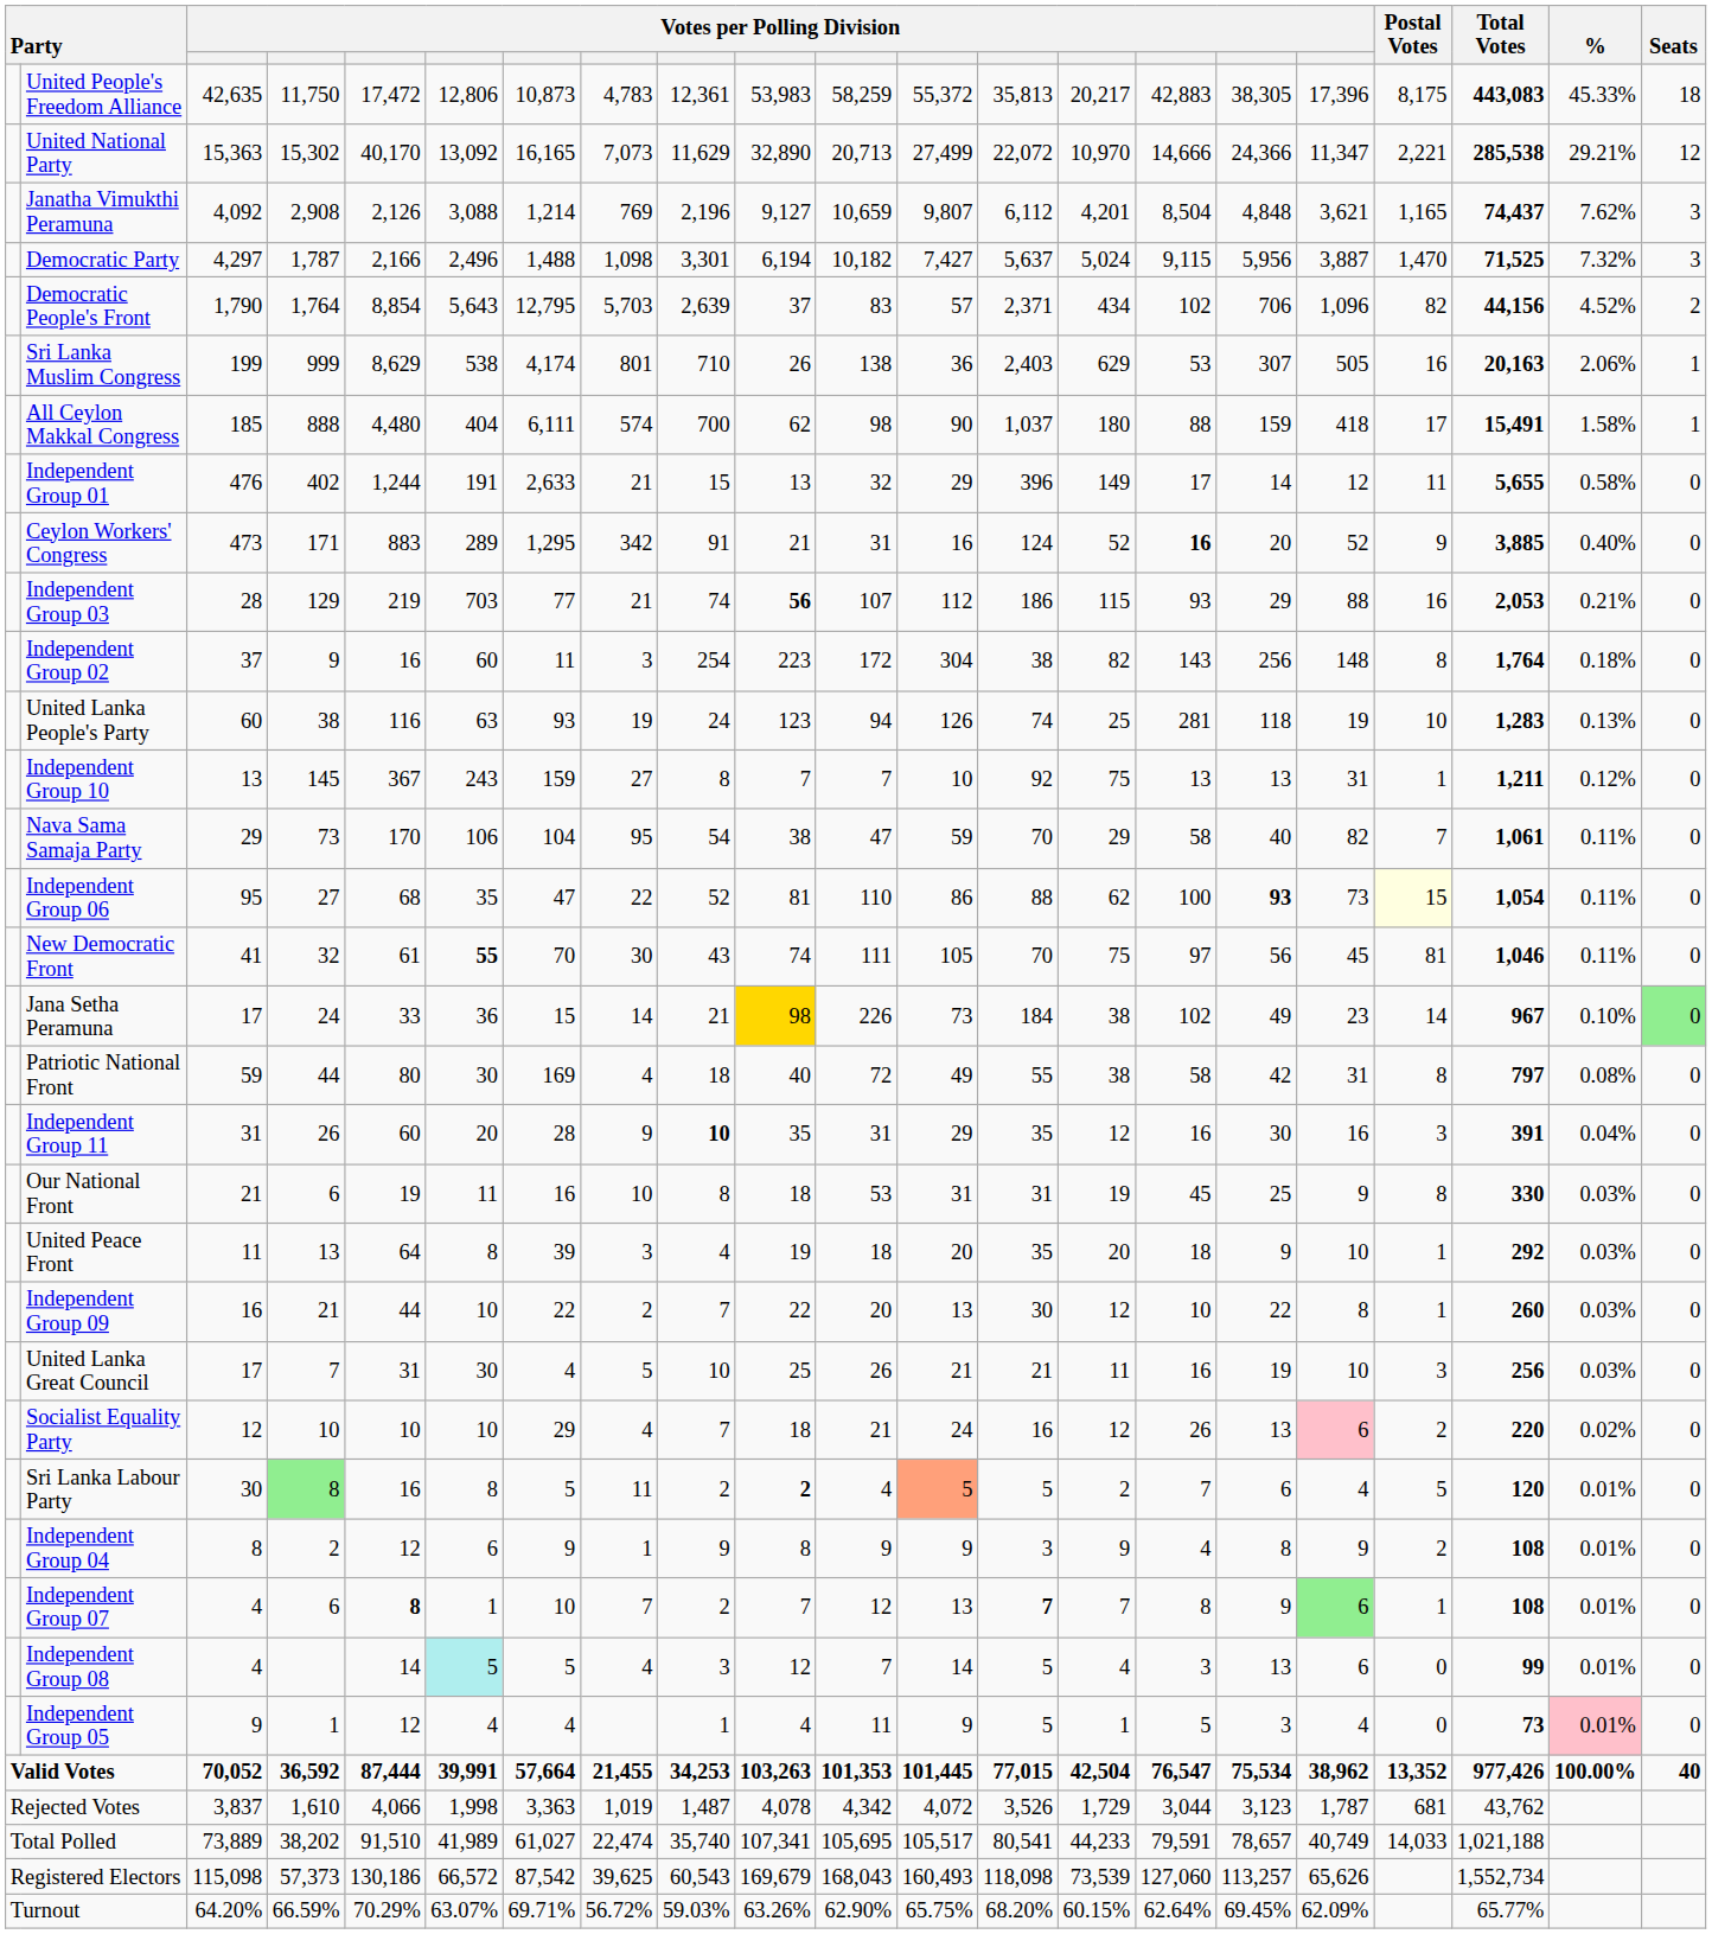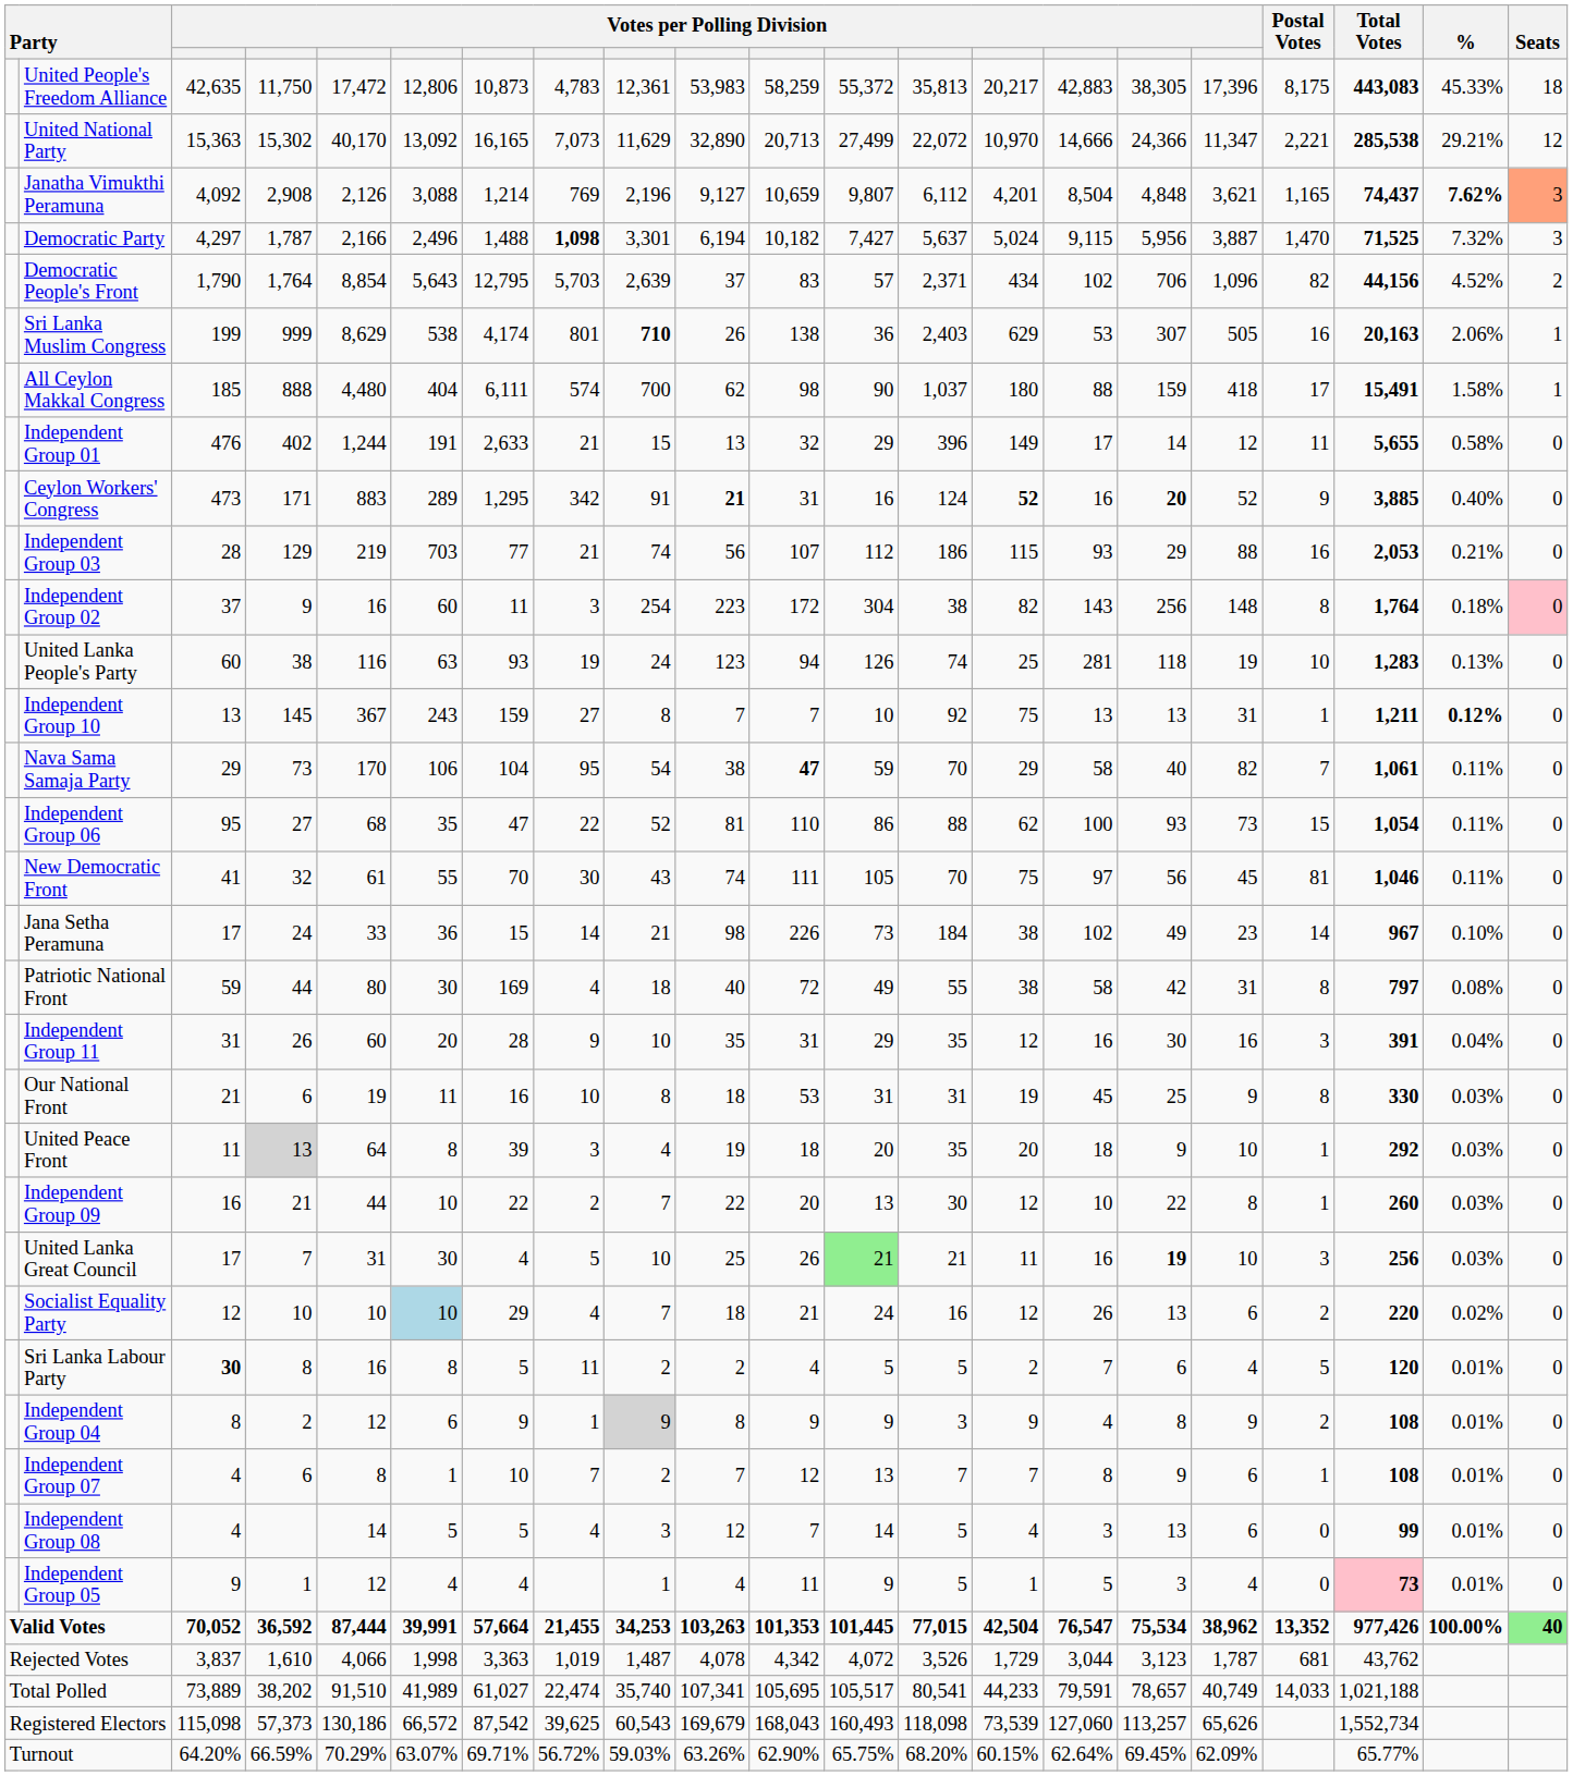 <table class="wikitable" style="text-align:right;">
 <tr>
 <th style="text-align:left; vertical-align:bottom;" rowspan="2" colspan="2">Party</th>
 <th colspan=15>Votes per Polling Division</th>
 <th rowspan="2" style="vertical-align:bottom; text-align:center; width:50px;">Postal<br>Votes</th>
 <th rowspan="2" style="vertical-align:bottom; text-align:center; width:50px;">Total Votes</th>
 <th rowspan="2" style="vertical-align:bottom; text-align:center; width:50px;">%</th>
 <th rowspan="2" style="vertical-align:bottom; text-align:center; width:40px;">Seats</th>
 </tr>
 <tr>
 <th></th>
 <th></th>
 <th></th>
 <th></th>
 <th></th>
 <th></th>
 <th></th>
 <th></th>
 <th></th>
 <th></th>
 <th></th>
 <th></th>
 <th></th>
 <th></th>
 <th></th>
 </tr>
 <tr>
 <td bgcolor=> </td>
 <td align=left><a href='#'>United People's Freedom Alliance</a></td>
 <td>42,635</td>
 <td>11,750</td>
 <td>17,472</td>
 <td>12,806</td>
 <td>10,873</td>
 <td>4,783</td>
 <td>12,361</td>
 <td>53,983</td>
 <td>58,259</td>
 <td>55,372</td>
 <td>35,813</td>
 <td>20,217</td>
 <td>42,883</td>
 <td>38,305</td>
 <td>17,396</td>
 <td>8,175</td>
 <td><strong>443,083</strong></td>
 <td>45.33%</td>
 <td>18</td>
 </tr>
 <tr>
 <td bgcolor=> </td>
 <td align=left><a href='#'>United National Party</a></td>
 <td>15,363</td>
 <td>15,302</td>
 <td>40,170</td>
 <td>13,092</td>
 <td>16,165</td>
 <td>7,073</td>
 <td>11,629</td>
 <td>32,890</td>
 <td>20,713</td>
 <td>27,499</td>
 <td>22,072</td>
 <td>10,970</td>
 <td>14,666</td>
 <td>24,366</td>
 <td>11,347</td>
 <td>2,221</td>
 <td><strong>285,538</strong></td>
 <td>29.21%</td>
 <td>12</td>
 </tr>
 <tr>
 <td bgcolor=> </td>
 <td align=left><a href='#'>Janatha Vimukthi Peramuna</a></td>
 <td>4,092</td>
 <td>2,908</td>
 <td>2,126</td>
 <td>3,088</td>
 <td>1,214</td>
 <td>769</td>
 <td>2,196</td>
 <td>9,127</td>
 <td>10,659</td>
 <td>9,807</td>
 <td>6,112</td>
 <td>4,201</td>
 <td>8,504</td>
 <td>4,848</td>
 <td>3,621</td>
 <td>1,165</td>
 <td><strong>74,437</strong></td>
-<td>7.62%</td>
-<td>3</td>
+<td><strong>7.62%</strong></td>
+<td style="background: lightsalmon;">3</td>
 </tr>
 <tr>
 <td bgcolor=> </td>
 <td align=left><a href='#'>Democratic Party</a></td>
 <td>4,297</td>
 <td>1,787</td>
 <td>2,166</td>
 <td>2,496</td>
 <td>1,488</td>
-<td>1,098</td>
+<td><strong>1,098</strong></td>
 <td>3,301</td>
 <td>6,194</td>
 <td>10,182</td>
 <td>7,427</td>
 <td>5,637</td>
 <td>5,024</td>
 <td>9,115</td>
 <td>5,956</td>
 <td>3,887</td>
 <td>1,470</td>
 <td><strong>71,525</strong></td>
 <td>7.32%</td>
 <td>3</td>
 </tr>
 <tr>
 <td bgcolor=> </td>
 <td align=left><a href='#'>Democratic People's Front</a></td>
 <td>1,790</td>
 <td>1,764</td>
 <td>8,854</td>
 <td>5,643</td>
 <td>12,795</td>
 <td>5,703</td>
 <td>2,639</td>
 <td>37</td>
 <td>83</td>
 <td>57</td>
 <td>2,371</td>
 <td>434</td>
 <td>102</td>
 <td>706</td>
 <td>1,096</td>
 <td>82</td>
 <td><strong>44,156</strong></td>
 <td>4.52%</td>
 <td>2</td>
 </tr>
 <tr>
 <td bgcolor=> </td>
 <td align=left><a href='#'>Sri Lanka Muslim Congress</a></td>
 <td>199</td>
 <td>999</td>
 <td>8,629</td>
 <td>538</td>
 <td>4,174</td>
 <td>801</td>
-<td>710</td>
+<td><strong>710</strong></td>
 <td>26</td>
 <td>138</td>
 <td>36</td>
 <td>2,403</td>
 <td>629</td>
 <td>53</td>
 <td>307</td>
 <td>505</td>
 <td>16</td>
 <td><strong>20,163</strong></td>
 <td>2.06%</td>
 <td>1</td>
 </tr>
 <tr>
 <td bgcolor=> </td>
 <td align=left><a href='#'>All Ceylon Makkal Congress</a></td>
 <td>185</td>
 <td>888</td>
 <td>4,480</td>
 <td>404</td>
 <td>6,111</td>
 <td>574</td>
 <td>700</td>
 <td>62</td>
 <td>98</td>
 <td>90</td>
 <td>1,037</td>
 <td>180</td>
 <td>88</td>
 <td>159</td>
 <td>418</td>
 <td>17</td>
 <td><strong>15,491</strong></td>
 <td>1.58%</td>
 <td>1</td>
 </tr>
 <tr>
 <td bgcolor=> </td>
 <td align=left><a href='#'>Independent Group 01</a></td>
 <td>476</td>
 <td>402</td>
 <td>1,244</td>
 <td>191</td>
 <td>2,633</td>
 <td>21</td>
 <td>15</td>
 <td>13</td>
 <td>32</td>
 <td>29</td>
 <td>396</td>
 <td>149</td>
 <td>17</td>
 <td>14</td>
 <td>12</td>
 <td>11</td>
 <td><strong>5,655</strong></td>
 <td>0.58%</td>
 <td>0</td>
 </tr>
 <tr>
 <td bgcolor=> </td>
 <td align=left><a href='#'>Ceylon Workers' Congress</a></td>
 <td>473</td>
 <td>171</td>
 <td>883</td>
 <td>289</td>
 <td>1,295</td>
 <td>342</td>
 <td>91</td>
-<td>21</td>
+<td><strong>21</strong></td>
 <td>31</td>
 <td>16</td>
 <td>124</td>
-<td>52</td>
-<td><strong>16</strong></td>
-<td>20</td>
+<td><strong>52</strong></td>
+<td>16</td>
+<td><strong>20</strong></td>
 <td>52</td>
 <td>9</td>
 <td><strong>3,885</strong></td>
 <td>0.40%</td>
 <td>0</td>
 </tr>
 <tr>
 <td bgcolor=> </td>
 <td align=left><a href='#'>Independent Group 03</a></td>
 <td>28</td>
 <td>129</td>
 <td>219</td>
 <td>703</td>
 <td>77</td>
 <td>21</td>
 <td>74</td>
-<td><strong>56</strong></td>
+<td>56</td>
 <td>107</td>
 <td>112</td>
 <td>186</td>
 <td>115</td>
 <td>93</td>
 <td>29</td>
 <td>88</td>
 <td>16</td>
 <td><strong>2,053</strong></td>
 <td>0.21%</td>
 <td>0</td>
 </tr>
 <tr>
 <td bgcolor=> </td>
 <td align=left><a href='#'>Independent Group 02</a></td>
 <td>37</td>
 <td>9</td>
 <td>16</td>
 <td>60</td>
 <td>11</td>
 <td>3</td>
 <td>254</td>
 <td>223</td>
 <td>172</td>
 <td>304</td>
 <td>38</td>
 <td>82</td>
 <td>143</td>
 <td>256</td>
 <td>148</td>
 <td>8</td>
 <td><strong>1,764</strong></td>
 <td>0.18%</td>
-<td>0</td>
+<td style="background: pink;">0</td>
 </tr>
 <tr>
 <td bgcolor=> </td>
 <td align=left>United Lanka People's Party</td>
 <td>60</td>
 <td>38</td>
 <td>116</td>
 <td>63</td>
 <td>93</td>
 <td>19</td>
 <td>24</td>
 <td>123</td>
 <td>94</td>
 <td>126</td>
 <td>74</td>
 <td>25</td>
 <td>281</td>
 <td>118</td>
 <td>19</td>
 <td>10</td>
 <td><strong>1,283</strong></td>
 <td>0.13%</td>
 <td>0</td>
 </tr>
 <tr>
 <td bgcolor=> </td>
 <td align=left><a href='#'>Independent Group 10</a></td>
 <td>13</td>
 <td>145</td>
 <td>367</td>
 <td>243</td>
 <td>159</td>
 <td>27</td>
 <td>8</td>
 <td>7</td>
 <td>7</td>
 <td>10</td>
 <td>92</td>
 <td>75</td>
 <td>13</td>
 <td>13</td>
 <td>31</td>
 <td>1</td>
 <td><strong>1,211</strong></td>
-<td>0.12%</td>
+<td><strong>0.12%</strong></td>
 <td>0</td>
 </tr>
 <tr>
 <td bgcolor=> </td>
 <td align=left><a href='#'>Nava Sama Samaja Party</a></td>
 <td>29</td>
 <td>73</td>
 <td>170</td>
 <td>106</td>
 <td>104</td>
 <td>95</td>
 <td>54</td>
 <td>38</td>
-<td>47</td>
+<td><strong>47</strong></td>
 <td>59</td>
 <td>70</td>
 <td>29</td>
 <td>58</td>
 <td>40</td>
 <td>82</td>
 <td>7</td>
 <td><strong>1,061</strong></td>
 <td>0.11%</td>
 <td>0</td>
 </tr>
 <tr>
 <td bgcolor=> </td>
 <td align=left><a href='#'>Independent Group 06</a></td>
 <td>95</td>
 <td>27</td>
 <td>68</td>
 <td>35</td>
 <td>47</td>
 <td>22</td>
 <td>52</td>
 <td>81</td>
 <td>110</td>
 <td>86</td>
 <td>88</td>
 <td>62</td>
 <td>100</td>
-<td><strong>93</strong></td>
+<td>93</td>
 <td>73</td>
-<td style="background: lightyellow;">15</td>
+<td>15</td>
 <td><strong>1,054</strong></td>
 <td>0.11%</td>
 <td>0</td>
 </tr>
 <tr>
 <td bgcolor=> </td>
 <td align=left><a href='#'>New Democratic Front</a></td>
 <td>41</td>
 <td>32</td>
 <td>61</td>
-<td><strong>55</strong></td>
+<td>55</td>
 <td>70</td>
 <td>30</td>
 <td>43</td>
 <td>74</td>
 <td>111</td>
 <td>105</td>
 <td>70</td>
 <td>75</td>
 <td>97</td>
 <td>56</td>
 <td>45</td>
 <td>81</td>
 <td><strong>1,046</strong></td>
 <td>0.11%</td>
 <td>0</td>
 </tr>
 <tr>
 <td bgcolor=> </td>
 <td align=left>Jana Setha Peramuna</td>
 <td>17</td>
 <td>24</td>
 <td>33</td>
 <td>36</td>
 <td>15</td>
 <td>14</td>
 <td>21</td>
-<td style="background: gold;">98</td>
+<td>98</td>
 <td>226</td>
 <td>73</td>
 <td>184</td>
 <td>38</td>
 <td>102</td>
 <td>49</td>
 <td>23</td>
 <td>14</td>
 <td><strong>967</strong></td>
 <td>0.10%</td>
-<td style="background: lightgreen;">0</td>
+<td>0</td>
 </tr>
 <tr>
 <td bgcolor=> </td>
 <td align=left>Patriotic National Front</td>
 <td>59</td>
 <td>44</td>
 <td>80</td>
 <td>30</td>
 <td>169</td>
 <td>4</td>
 <td>18</td>
 <td>40</td>
 <td>72</td>
 <td>49</td>
 <td>55</td>
 <td>38</td>
 <td>58</td>
 <td>42</td>
 <td>31</td>
 <td>8</td>
 <td><strong>797</strong></td>
 <td>0.08%</td>
 <td>0</td>
 </tr>
 <tr>
 <td bgcolor=> </td>
 <td align=left><a href='#'>Independent Group 11</a></td>
 <td>31</td>
 <td>26</td>
 <td>60</td>
 <td>20</td>
 <td>28</td>
 <td>9</td>
-<td><strong>10</strong></td>
+<td>10</td>
 <td>35</td>
 <td>31</td>
 <td>29</td>
 <td>35</td>
 <td>12</td>
 <td>16</td>
 <td>30</td>
 <td>16</td>
 <td>3</td>
 <td><strong>391</strong></td>
 <td>0.04%</td>
 <td>0</td>
 </tr>
 <tr>
 <td bgcolor=> </td>
 <td align=left>Our National Front</td>
 <td>21</td>
 <td>6</td>
 <td>19</td>
 <td>11</td>
 <td>16</td>
 <td>10</td>
 <td>8</td>
 <td>18</td>
 <td>53</td>
 <td>31</td>
 <td>31</td>
 <td>19</td>
 <td>45</td>
 <td>25</td>
 <td>9</td>
 <td>8</td>
 <td><strong>330</strong></td>
 <td>0.03%</td>
 <td>0</td>
 </tr>
 <tr>
 <td bgcolor=> </td>
 <td align=left>United Peace Front</td>
 <td>11</td>
-<td>13</td>
+<td style="background: lightgrey;">13</td>
 <td>64</td>
 <td>8</td>
 <td>39</td>
 <td>3</td>
 <td>4</td>
 <td>19</td>
 <td>18</td>
 <td>20</td>
 <td>35</td>
 <td>20</td>
 <td>18</td>
 <td>9</td>
 <td>10</td>
 <td>1</td>
 <td><strong>292</strong></td>
 <td>0.03%</td>
 <td>0</td>
 </tr>
 <tr>
 <td bgcolor=> </td>
 <td align=left><a href='#'>Independent Group 09</a></td>
 <td>16</td>
 <td>21</td>
 <td>44</td>
 <td>10</td>
 <td>22</td>
 <td>2</td>
 <td>7</td>
 <td>22</td>
 <td>20</td>
 <td>13</td>
 <td>30</td>
 <td>12</td>
 <td>10</td>
 <td>22</td>
 <td>8</td>
 <td>1</td>
 <td><strong>260</strong></td>
 <td>0.03%</td>
 <td>0</td>
 </tr>
 <tr>
 <td bgcolor=> </td>
 <td align=left>United Lanka Great Council</td>
 <td>17</td>
 <td>7</td>
 <td>31</td>
 <td>30</td>
 <td>4</td>
 <td>5</td>
 <td>10</td>
 <td>25</td>
 <td>26</td>
-<td>21</td>
+<td style="background: lightgreen;">21</td>
 <td>21</td>
 <td>11</td>
 <td>16</td>
-<td>19</td>
+<td><strong>19</strong></td>
 <td>10</td>
 <td>3</td>
 <td><strong>256</strong></td>
 <td>0.03%</td>
 <td>0</td>
 </tr>
 <tr>
 <td bgcolor=> </td>
 <td align=left><a href='#'>Socialist Equality Party</a></td>
 <td>12</td>
 <td>10</td>
 <td>10</td>
-<td>10</td>
+<td style="background: lightblue;">10</td>
 <td>29</td>
 <td>4</td>
 <td>7</td>
 <td>18</td>
 <td>21</td>
 <td>24</td>
 <td>16</td>
 <td>12</td>
 <td>26</td>
 <td>13</td>
-<td style="background: pink;">6</td>
+<td>6</td>
 <td>2</td>
 <td><strong>220</strong></td>
 <td>0.02%</td>
 <td>0</td>
 </tr>
 <tr>
 <td bgcolor=> </td>
 <td align=left>Sri Lanka Labour Party</td>
-<td>30</td>
-<td style="background: lightgreen;">8</td>
+<td><strong>30</strong></td>
+<td>8</td>
 <td>16</td>
 <td>8</td>
 <td>5</td>
 <td>11</td>
 <td>2</td>
-<td><strong>2</strong></td>
+<td>2</td>
 <td>4</td>
-<td style="background: lightsalmon;">5</td>
+<td>5</td>
 <td>5</td>
 <td>2</td>
 <td>7</td>
 <td>6</td>
 <td>4</td>
 <td>5</td>
 <td><strong>120</strong></td>
 <td>0.01%</td>
 <td>0</td>
 </tr>
 <tr>
 <td bgcolor=> </td>
 <td align=left><a href='#'>Independent Group 04</a></td>
 <td>8</td>
 <td>2</td>
 <td>12</td>
 <td>6</td>
 <td>9</td>
 <td>1</td>
-<td>9</td>
+<td style="background: lightgrey;">9</td>
 <td>8</td>
 <td>9</td>
 <td>9</td>
 <td>3</td>
 <td>9</td>
 <td>4</td>
 <td>8</td>
 <td>9</td>
 <td>2</td>
 <td><strong>108</strong></td>
 <td>0.01%</td>
 <td>0</td>
 </tr>
 <tr>
 <td bgcolor=> </td>
 <td align=left><a href='#'>Independent Group 07</a></td>
 <td>4</td>
 <td>6</td>
-<td><strong>8</strong></td>
+<td>8</td>
 <td>1</td>
 <td>10</td>
 <td>7</td>
 <td>2</td>
 <td>7</td>
 <td>12</td>
 <td>13</td>
-<td><strong>7</strong></td>
+<td>7</td>
 <td>7</td>
 <td>8</td>
 <td>9</td>
-<td style="background: lightgreen;">6</td>
+<td>6</td>
 <td>1</td>
 <td><strong>108</strong></td>
 <td>0.01%</td>
 <td>0</td>
 </tr>
 <tr>
 <td bgcolor=> </td>
 <td align=left><a href='#'>Independent Group 08</a></td>
 <td>4</td>
 <td></td>
 <td>14</td>
-<td style="background: paleturquoise;">5</td>
+<td>5</td>
 <td>5</td>
 <td>4</td>
 <td>3</td>
 <td>12</td>
 <td>7</td>
 <td>14</td>
 <td>5</td>
 <td>4</td>
 <td>3</td>
 <td>13</td>
 <td>6</td>
 <td>0</td>
 <td><strong>99</strong></td>
 <td>0.01%</td>
 <td>0</td>
 </tr>
 <tr>
 <td bgcolor=> </td>
 <td align=left><a href='#'>Independent Group 05</a></td>
 <td>9</td>
 <td>1</td>
 <td>12</td>
 <td>4</td>
 <td>4</td>
 <td></td>
 <td>1</td>
 <td>4</td>
 <td>11</td>
 <td>9</td>
 <td>5</td>
 <td>1</td>
 <td>5</td>
 <td>3</td>
 <td>4</td>
 <td>0</td>
-<td><strong>73</strong></td>
-<td style="background: pink;">0.01%</td>
+<td style="background: pink;"><strong>73</strong></td>
+<td>0.01%</td>
 <td>0</td>
 </tr>
 <tr style="font-weight:bold">
 <td style="text-align:left;" colspan="2">Valid Votes</td>
 <td>70,052</td>
 <td>36,592</td>
 <td>87,444</td>
 <td>39,991</td>
 <td>57,664</td>
 <td>21,455</td>
 <td>34,253</td>
 <td>103,263</td>
 <td>101,353</td>
 <td>101,445</td>
 <td>77,015</td>
 <td>42,504</td>
 <td>76,547</td>
 <td>75,534</td>
 <td>38,962</td>
 <td>13,352</td>
 <td>977,426</td>
 <td>100.00%</td>
-<td>40</td>
+<td style="background: lightgreen;">40</td>
 </tr>
 <tr>
 <td style="text-align:left;" colspan="2">Rejected Votes</td>
 <td>3,837</td>
 <td>1,610</td>
 <td>4,066</td>
 <td>1,998</td>
 <td>3,363</td>
 <td>1,019</td>
 <td>1,487</td>
 <td>4,078</td>
 <td>4,342</td>
 <td>4,072</td>
 <td>3,526</td>
 <td>1,729</td>
 <td>3,044</td>
 <td>3,123</td>
 <td>1,787</td>
 <td>681</td>
 <td>43,762</td>
 <td></td>
 <td></td>
 </tr>
 <tr>
 <td style="text-align:left;" colspan="2">Total Polled</td>
 <td>73,889</td>
 <td>38,202</td>
 <td>91,510</td>
 <td>41,989</td>
 <td>61,027</td>
 <td>22,474</td>
 <td>35,740</td>
 <td>107,341</td>
 <td>105,695</td>
 <td>105,517</td>
 <td>80,541</td>
 <td>44,233</td>
 <td>79,591</td>
 <td>78,657</td>
 <td>40,749</td>
 <td>14,033</td>
 <td>1,021,188</td>
 <td></td>
 <td></td>
 </tr>
 <tr>
 <td style="text-align:left;" colspan="2">Registered Electors</td>
 <td>115,098</td>
 <td>57,373</td>
 <td>130,186</td>
 <td>66,572</td>
 <td>87,542</td>
 <td>39,625</td>
 <td>60,543</td>
 <td>169,679</td>
 <td>168,043</td>
 <td>160,493</td>
 <td>118,098</td>
 <td>73,539</td>
 <td>127,060</td>
 <td>113,257</td>
 <td>65,626</td>
 <td></td>
 <td>1,552,734</td>
 <td></td>
 <td></td>
 </tr>
 <tr>
 <td style="text-align:left;" colspan="2">Turnout</td>
 <td>64.20%</td>
 <td>66.59%</td>
 <td>70.29%</td>
 <td>63.07%</td>
 <td>69.71%</td>
 <td>56.72%</td>
 <td>59.03%</td>
 <td>63.26%</td>
 <td>62.90%</td>
 <td>65.75%</td>
 <td>68.20%</td>
 <td>60.15%</td>
 <td>62.64%</td>
 <td>69.45%</td>
 <td>62.09%</td>
 <td></td>
 <td>65.77%</td>
 <td></td>
 <td></td>
 </tr>
 </table>
